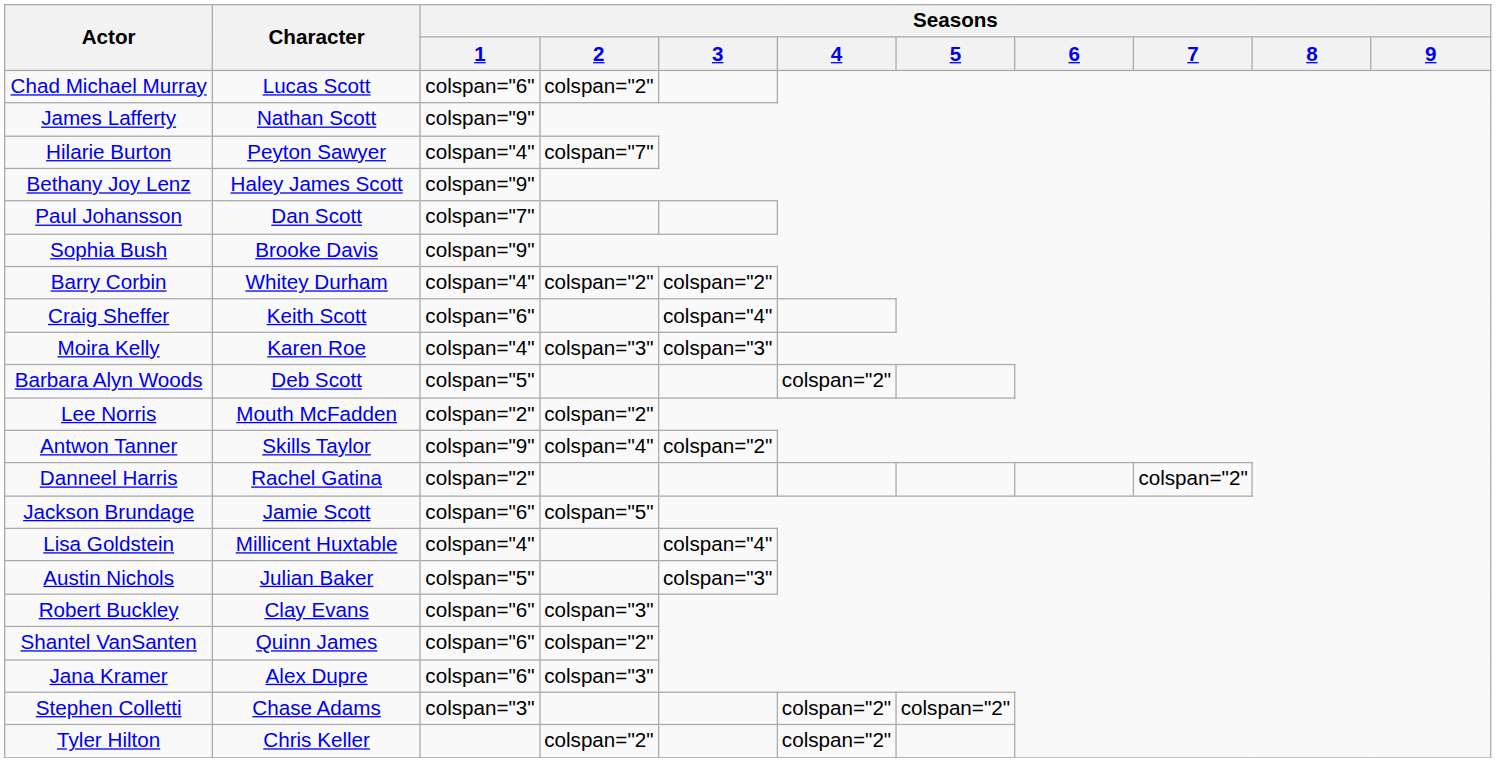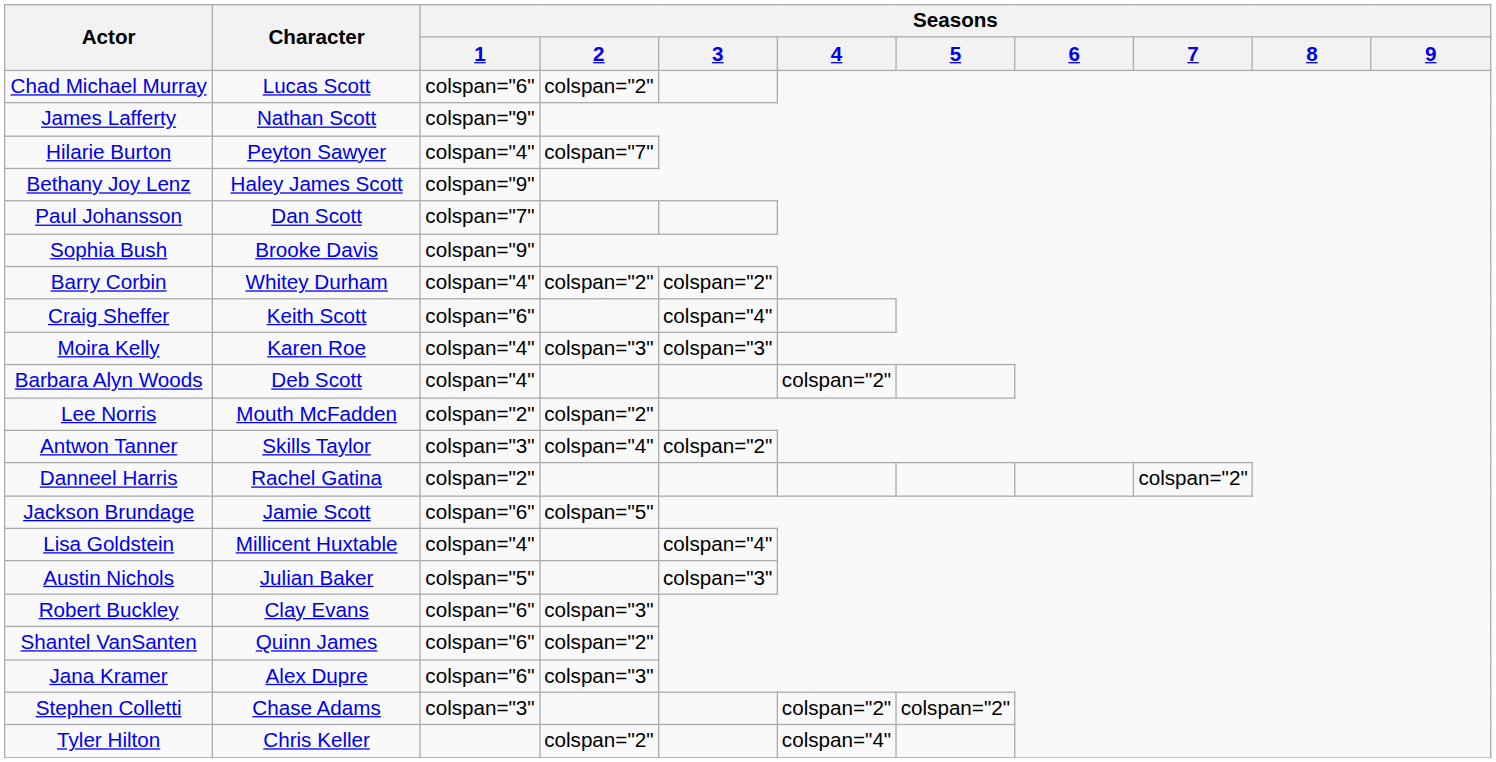 <table class="wikitable plainrowheaders">
 <tr>
 <th scope="col" rowspan="2" style="width:14%;">Actor</th>
 <th scope="col" rowspan="2" style="width:14%;">Character</th>
 <th scope="col" colspan="9">Seasons</th>
 </tr>
 <tr>
 <th scope="col" style="width:8%;"><a href='#'>1</a></th>
 <th scope="col" style="width:8%;"><a href='#'>2</a></th>
 <th scope="col" style="width:8%;"><a href='#'>3</a></th>
 <th scope="col" style="width:8%;"><a href='#'>4</a></th>
 <th scope="col" style="width:8%;"><a href='#'>5</a></th>
 <th scope="col" style="width:8%;"><a href='#'>6</a></th>
 <th scope="col" style="width:8%;"><a href='#'>7</a></th>
 <th scope="col" style="width:8%;"><a href='#'>8</a></th>
 <th scope="col" style="width:8%;"><a href='#'>9</a></th>
 </tr>
 <tr>
 <td style="text-align:center;"><a href='#'>Chad Michael Murray</a></td>
 <td style="text-align:center;"><a href='#'>Lucas Scott</a></td>
 <td>colspan="6" </td>
 <td>colspan="2" </td>
 <td></td>
 </tr>
 <tr>
 <td style="text-align:center;"><a href='#'>James Lafferty</a></td>
 <td style="text-align:center;"><a href='#'>Nathan Scott</a></td>
 <td>colspan="9" </td>
 </tr>
 <tr>
 <td style="text-align:center;"><a href='#'>Hilarie Burton</a></td>
 <td style="text-align:center;"><a href='#'>Peyton Sawyer</a></td>
 <td>colspan="4" </td>
 <td>colspan="7" </td>
 </tr>
 <tr>
 <td style="text-align:center;"><a href='#'>Bethany Joy Lenz</a></td>
 <td style="text-align:center;"><a href='#'>Haley James Scott</a></td>
 <td>colspan="9" </td>
 </tr>
 <tr>
 <td style="text-align:center;"><a href='#'>Paul Johansson</a></td>
 <td style="text-align:center;"><a href='#'>Dan Scott</a></td>
 <td>colspan="7" </td>
 <td></td>
 <td></td>
 </tr>
 <tr>
 <td style="text-align:center;"><a href='#'>Sophia Bush</a></td>
 <td style="text-align:center;"><a href='#'>Brooke Davis</a></td>
 <td>colspan="9" </td>
 </tr>
 <tr>
 <td style="text-align:center;"><a href='#'>Barry Corbin</a></td>
 <td style="text-align:center;"><a href='#'>Whitey Durham</a></td>
 <td>colspan="4" </td>
 <td>colspan="2" </td>
 <td>colspan="2" </td>
 </tr>
 <tr>
 <td style="text-align:center;"><a href='#'>Craig Sheffer</a></td>
 <td style="text-align:center;"><a href='#'>Keith Scott</a></td>
 <td>colspan="6" </td>
 <td></td>
 <td>colspan="4" </td>
 <td></td>
 </tr>
 <tr>
 <td style="text-align:center;"><a href='#'>Moira Kelly</a></td>
 <td style="text-align:center;"><a href='#'>Karen Roe</a></td>
 <td>colspan="4" </td>
 <td>colspan="3" </td>
 <td>colspan="3" </td>
 </tr>
 <tr>
 <td style="text-align:center;"><a href='#'>Barbara Alyn Woods</a></td>
 <td style="text-align:center;"><a href='#'>Deb Scott</a></td>
-<td>colspan="5" </td>
+<td>colspan="4" </td>
 <td></td>
 <td></td>
 <td>colspan="2" </td>
 <td></td>
 </tr>
 <tr>
 <td style="text-align:center;"><a href='#'>Lee Norris</a></td>
 <td style="text-align:center;"><a href='#'>Mouth McFadden</a></td>
 <td>colspan="2" </td>
 <td>colspan="2" </td>
 </tr>
 <tr>
 <td style="text-align:center;"><a href='#'>Antwon Tanner</a></td>
 <td style="text-align:center;"><a href='#'>Skills Taylor</a></td>
-<td>colspan="9" </td>
+<td>colspan="3" </td>
 <td>colspan="4" </td>
 <td>colspan="2" </td>
 </tr>
 <tr>
 <td style="text-align:center;"><a href='#'>Danneel Harris</a></td>
 <td style="text-align:center;"><a href='#'>Rachel Gatina</a></td>
 <td>colspan="2" </td>
 <td></td>
 <td></td>
 <td></td>
 <td></td>
 <td></td>
 <td>colspan="2" </td>
 </tr>
 <tr>
 <td style="text-align:center;"><a href='#'>Jackson Brundage</a></td>
 <td style="text-align:center;"><a href='#'>Jamie Scott</a></td>
 <td>colspan="6" </td>
 <td>colspan="5" </td>
 </tr>
 <tr>
 <td style="text-align:center;"><a href='#'>Lisa Goldstein</a></td>
 <td style="text-align:center;"><a href='#'>Millicent Huxtable</a></td>
 <td>colspan="4" </td>
 <td></td>
 <td>colspan="4" </td>
 </tr>
 <tr>
 <td style="text-align:center;"><a href='#'>Austin Nichols</a></td>
 <td style="text-align:center;"><a href='#'>Julian Baker</a></td>
 <td>colspan="5" </td>
 <td></td>
 <td>colspan="3" </td>
 </tr>
 <tr>
 <td style="text-align:center;"><a href='#'>Robert Buckley</a></td>
 <td style="text-align:center;"><a href='#'>Clay Evans</a></td>
 <td>colspan="6" </td>
 <td>colspan="3" </td>
 </tr>
 <tr>
 <td style="text-align:center;"><a href='#'>Shantel VanSanten</a></td>
 <td style="text-align:center;"><a href='#'>Quinn James</a></td>
 <td>colspan="6" </td>
 <td>colspan="2" </td>
 </tr>
 <tr>
 <td style="text-align:center;"><a href='#'>Jana Kramer</a></td>
 <td style="text-align:center;"><a href='#'>Alex Dupre</a></td>
 <td>colspan="6" </td>
 <td>colspan="3" </td>
 </tr>
 <tr>
 <td style="text-align:center;"><a href='#'>Stephen Colletti</a></td>
 <td style="text-align:center;"><a href='#'>Chase Adams</a></td>
 <td>colspan="3" </td>
 <td></td>
 <td></td>
 <td>colspan="2" </td>
 <td>colspan="2" </td>
 </tr>
 <tr>
 <td style="text-align:center;"><a href='#'>Tyler Hilton</a></td>
 <td style="text-align:center;"><a href='#'>Chris Keller</a></td>
 <td></td>
 <td>colspan="2" </td>
 <td></td>
-<td>colspan="2" </td>
+<td>colspan="4" </td>
 <td></td>
 </tr>
 <tr>
 </tr>
 </table>
